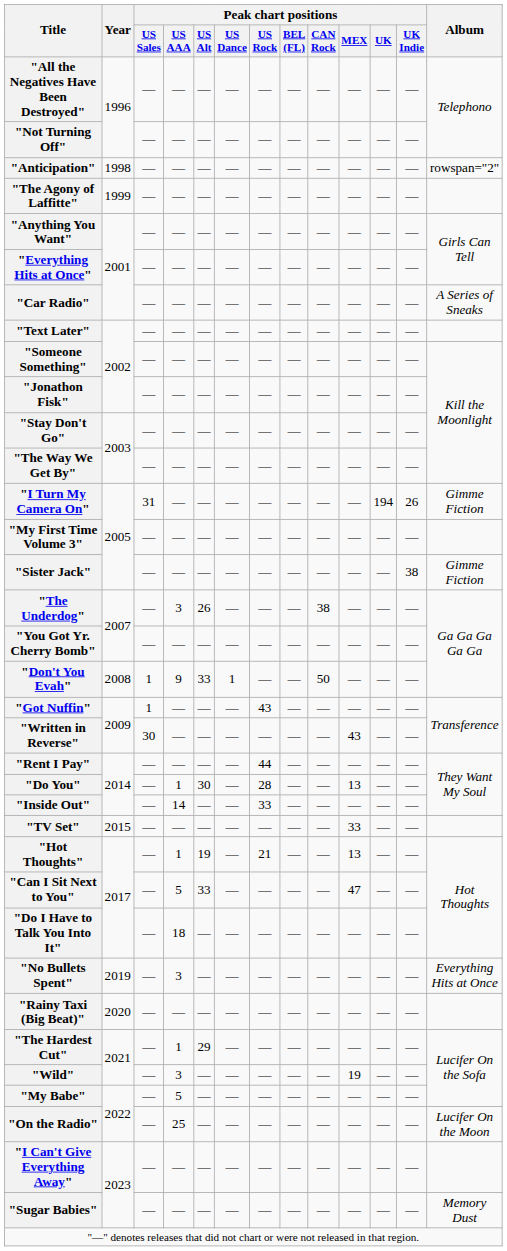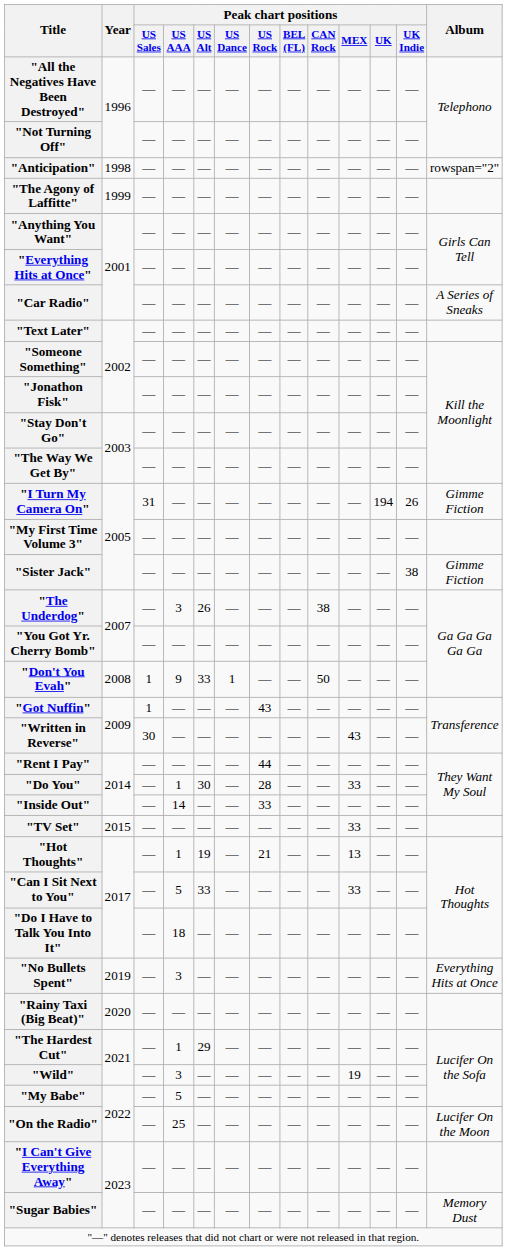 <table class="wikitable plainrowheaders" style="text-align:center;">
 <tr>
 <th scope="col" rowspan="2" style="width:18em;">Title</th>
 <th scope="col" rowspan="2" style="width:1em;">Year</th>
 <th scope="col" colspan="10">Peak chart positions</th>
 <th scope="col" rowspan="2">Album</th>
 </tr>
 <tr>
 <th scope="col" style="width:3em;font-size:85%;"><a href='#'>US<br>Sales</a><br></th>
 <th scope="col" style="width:3em;font-size:85%;"><a href='#'>US<br>AAA</a><br></th>
 <th scope="col" style="width:3em;font-size:85%;"><a href='#'>US<br>Alt</a><br></th>
 <th scope="col" style="width:3em;font-size:85%;"><a href='#'>US<br>Dance</a><br></th>
 <th scope="col" style="width:3em;font-size:85%;"><a href='#'>US<br>Rock</a><br></th>
 <th scope="col" style="width:3em;font-size:85%;"><a href='#'>BEL<br>(FL)</a><br></th>
 <th scope="col" style="width:3em;font-size:85%;"><a href='#'>CAN<br>Rock</a><br></th>
 <th scope="col" style="width:3em;font-size:85%;"><a href='#'>MEX</a><br></th>
 <th scope="col" style="width:3em;font-size:85%;"><a href='#'>UK</a><br></th>
 <th scope="col" style="width:3em;font-size:85%;"><a href='#'>UK<br>Indie</a><br></th>
 </tr>
 <tr>
 <th scope="row">"All the Negatives Have Been Destroyed"</th>
 <td rowspan="2">1996</td>
 <td>—</td>
 <td>—</td>
 <td>—</td>
 <td>—</td>
 <td>—</td>
 <td>—</td>
 <td>—</td>
 <td>—</td>
 <td>—</td>
 <td>—</td>
 <td rowspan="2"><em>Telephono</em></td>
 </tr>
 <tr>
 <th scope="row">"Not Turning Off"</th>
 <td>—</td>
 <td>—</td>
 <td>—</td>
 <td>—</td>
 <td>—</td>
 <td>—</td>
 <td>—</td>
 <td>—</td>
 <td>—</td>
 <td>—</td>
 </tr>
 <tr>
 <th scope="row">"Anticipation"</th>
 <td>1998</td>
 <td>—</td>
 <td>—</td>
 <td>—</td>
 <td>—</td>
 <td>—</td>
 <td>—</td>
 <td>—</td>
 <td>—</td>
 <td>—</td>
 <td>—</td>
 <td>rowspan="2" </td>
 </tr>
 <tr>
 <th scope="row">"The Agony of Laffitte"</th>
 <td>1999</td>
 <td>—</td>
 <td>—</td>
 <td>—</td>
 <td>—</td>
 <td>—</td>
 <td>—</td>
 <td>—</td>
 <td>—</td>
 <td>—</td>
 <td>—</td>
 </tr>
 <tr>
 <th scope="row">"Anything You Want"</th>
 <td rowspan="3">2001</td>
 <td>—</td>
 <td>—</td>
 <td>—</td>
 <td>—</td>
 <td>—</td>
 <td>—</td>
 <td>—</td>
 <td>—</td>
 <td>—</td>
 <td>—</td>
 <td rowspan="2"><em>Girls Can Tell</em></td>
 </tr>
 <tr>
 <th scope="row">"<a href='#'>Everything Hits at Once</a>"</th>
 <td>—</td>
 <td>—</td>
 <td>—</td>
 <td>—</td>
 <td>—</td>
 <td>—</td>
 <td>—</td>
 <td>—</td>
 <td>—</td>
 <td>—</td>
 </tr>
 <tr>
 <th scope="row">"Car Radio"</th>
 <td>—</td>
 <td>—</td>
 <td>—</td>
 <td>—</td>
 <td>—</td>
 <td>—</td>
 <td>—</td>
 <td>—</td>
 <td>—</td>
 <td>—</td>
 <td><em>A Series of Sneaks</em></td>
 </tr>
 <tr>
 <th scope="row">"Text Later"</th>
 <td rowspan="3">2002</td>
 <td>—</td>
 <td>—</td>
 <td>—</td>
 <td>—</td>
 <td>—</td>
 <td>—</td>
 <td>—</td>
 <td>—</td>
 <td>—</td>
 <td>—</td>
 <td></td>
 </tr>
 <tr>
 <th scope="row">"Someone Something"</th>
 <td>—</td>
 <td>—</td>
 <td>—</td>
 <td>—</td>
 <td>—</td>
 <td>—</td>
 <td>—</td>
 <td>—</td>
 <td>—</td>
 <td>—</td>
 <td rowspan="4"><em>Kill the Moonlight</em></td>
 </tr>
 <tr>
 <th scope="row">"Jonathon Fisk"</th>
 <td>—</td>
 <td>—</td>
 <td>—</td>
 <td>—</td>
 <td>—</td>
 <td>—</td>
 <td>—</td>
 <td>—</td>
 <td>—</td>
 <td>—</td>
 </tr>
 <tr>
 <th scope="row">"Stay Don't Go"</th>
 <td rowspan="2">2003</td>
 <td>—</td>
 <td>—</td>
 <td>—</td>
 <td>—</td>
 <td>—</td>
 <td>—</td>
 <td>—</td>
 <td>—</td>
 <td>—</td>
 <td>—</td>
 </tr>
 <tr>
 <th scope="row">"The Way We Get By"</th>
 <td>—</td>
 <td>—</td>
 <td>—</td>
 <td>—</td>
 <td>—</td>
 <td>—</td>
 <td>—</td>
 <td>—</td>
 <td>—</td>
 <td>—</td>
 </tr>
 <tr>
 <th scope="row">"<a href='#'>I Turn My Camera On</a>"</th>
 <td rowspan="3">2005</td>
 <td>31</td>
 <td>—</td>
 <td>—</td>
 <td>—</td>
 <td>—</td>
 <td>—</td>
 <td>—</td>
 <td>—</td>
 <td>194</td>
 <td>26</td>
 <td><em>Gimme Fiction</em></td>
 </tr>
 <tr>
 <th scope="row">"My First Time Volume 3"</th>
 <td>—</td>
 <td>—</td>
 <td>—</td>
 <td>—</td>
 <td>—</td>
 <td>—</td>
 <td>—</td>
 <td>—</td>
 <td>—</td>
 <td>—</td>
 <td></td>
 </tr>
 <tr>
 <th scope="row">"Sister Jack"</th>
 <td>—</td>
 <td>—</td>
 <td>—</td>
 <td>—</td>
 <td>—</td>
 <td>—</td>
 <td>—</td>
 <td>—</td>
 <td>—</td>
 <td>38</td>
 <td><em>Gimme Fiction</em></td>
 </tr>
 <tr>
 <th scope="row">"<a href='#'>The Underdog</a>"</th>
 <td rowspan="2">2007</td>
 <td>—</td>
 <td>3</td>
 <td>26</td>
 <td>—</td>
 <td>—</td>
 <td>—</td>
 <td>38</td>
 <td>—</td>
 <td>—</td>
 <td>—</td>
 <td rowspan="3"><em>Ga Ga Ga Ga Ga</em></td>
 </tr>
 <tr>
 <th scope="row">"You Got Yr. Cherry Bomb"</th>
 <td>—</td>
 <td>—</td>
 <td>—</td>
 <td>—</td>
 <td>—</td>
 <td>—</td>
 <td>—</td>
 <td>—</td>
 <td>—</td>
 <td>—</td>
 </tr>
 <tr>
 <th scope="row">"<a href='#'>Don't You Evah</a>"</th>
 <td>2008</td>
 <td>1</td>
 <td>9</td>
 <td>33</td>
 <td>1</td>
 <td>—</td>
 <td>—</td>
 <td>50</td>
 <td>—</td>
 <td>—</td>
 <td>—</td>
 </tr>
 <tr>
 <th scope="row">"<a href='#'>Got Nuffin</a>"</th>
 <td rowspan="2">2009</td>
 <td>1</td>
 <td>—</td>
 <td>—</td>
 <td>—</td>
 <td>43</td>
 <td>—</td>
 <td>—</td>
 <td>—</td>
 <td>—</td>
 <td>—</td>
 <td rowspan="2"><em>Transference</em></td>
 </tr>
 <tr>
 <th scope="row">"Written in Reverse"</th>
 <td>30</td>
 <td>—</td>
 <td>—</td>
 <td>—</td>
 <td>—</td>
 <td>—</td>
 <td>—</td>
 <td>43</td>
 <td>—</td>
 <td>—</td>
 </tr>
 <tr>
 <th scope="row">"Rent I Pay"</th>
 <td rowspan="3">2014</td>
 <td>—</td>
 <td>—</td>
 <td>—</td>
 <td>—</td>
 <td>44</td>
 <td>—</td>
 <td>—</td>
 <td>—</td>
 <td>—</td>
 <td>—</td>
 <td rowspan="3"><em>They Want My Soul</em></td>
 </tr>
 <tr>
 <th scope="row">"Do You"</th>
 <td>—</td>
 <td>1</td>
 <td>30</td>
 <td>—</td>
 <td>28</td>
 <td>—</td>
 <td>—</td>
-<td>13</td>
+<td>33</td>
 <td>—</td>
 <td>—</td>
 </tr>
 <tr>
 <th scope="row">"Inside Out"</th>
 <td>—</td>
 <td>14</td>
 <td>—</td>
 <td>—</td>
 <td>33</td>
 <td>—</td>
 <td>—</td>
 <td>—</td>
 <td>—</td>
 <td>—</td>
 </tr>
 <tr>
 <th scope="row">"TV Set"</th>
 <td>2015</td>
 <td>—</td>
 <td>—</td>
 <td>—</td>
 <td>—</td>
 <td>—</td>
 <td>—</td>
 <td>—</td>
 <td>33</td>
 <td>—</td>
 <td>—</td>
 <td></td>
 </tr>
 <tr>
 <th scope="row">"Hot Thoughts"</th>
 <td rowspan="3">2017</td>
 <td>—</td>
 <td>1</td>
 <td>19</td>
 <td>—</td>
 <td>21</td>
 <td>—</td>
 <td>—</td>
 <td>13</td>
 <td>—</td>
 <td>—</td>
 <td rowspan="3"><em>Hot Thoughts</em></td>
 </tr>
 <tr>
 <th scope="row">"Can I Sit Next to You"</th>
 <td>—</td>
 <td>5</td>
 <td>33</td>
 <td>—</td>
 <td>—</td>
 <td>—</td>
 <td>—</td>
-<td>47</td>
+<td>33</td>
 <td>—</td>
 <td>—</td>
 </tr>
 <tr>
 <th scope="row">"Do I Have to Talk You Into It"</th>
 <td>—</td>
 <td>18</td>
 <td>—</td>
 <td>—</td>
 <td>—</td>
 <td>—</td>
 <td>—</td>
 <td>—</td>
 <td>—</td>
 <td>—</td>
 </tr>
 <tr>
 <th scope="row">"No Bullets Spent"</th>
 <td>2019</td>
 <td>—</td>
 <td>3</td>
 <td>—</td>
 <td>—</td>
 <td>—</td>
 <td>—</td>
 <td>—</td>
 <td>—</td>
 <td>—</td>
 <td>—</td>
 <td><em>Everything Hits at Once</em></td>
 </tr>
 <tr>
 <th scope="row">"Rainy Taxi (Big Beat)"</th>
 <td>2020</td>
 <td>—</td>
 <td>—</td>
 <td>—</td>
 <td>—</td>
 <td>—</td>
 <td>—</td>
 <td>—</td>
 <td>—</td>
 <td>—</td>
 <td>—</td>
 <td></td>
 </tr>
 <tr>
 <th scope="row">"The Hardest Cut"</th>
 <td rowspan="2">2021</td>
 <td>—</td>
 <td>1</td>
 <td>29</td>
 <td>—</td>
 <td>—</td>
 <td>—</td>
 <td>—</td>
 <td>—</td>
 <td>—</td>
 <td>—</td>
 <td rowspan="3"><em>Lucifer On the Sofa</em></td>
 </tr>
 <tr>
 <th scope="row">"Wild"</th>
 <td>—</td>
 <td>3</td>
 <td>—</td>
 <td>—</td>
 <td>—</td>
 <td>—</td>
 <td>—</td>
 <td>19</td>
 <td>—</td>
 <td>—</td>
 </tr>
 <tr>
 <th scope="row">"My Babe"</th>
 <td rowspan="2">2022</td>
 <td>—</td>
 <td>5</td>
 <td>—</td>
 <td>—</td>
 <td>—</td>
 <td>—</td>
 <td>—</td>
 <td>—</td>
 <td>—</td>
 <td>—</td>
 </tr>
 <tr>
 <th scope="row">"On the Radio"</th>
 <td>—</td>
 <td>25</td>
 <td>—</td>
 <td>—</td>
 <td>—</td>
 <td>—</td>
 <td>—</td>
 <td>—</td>
 <td>—</td>
 <td>—</td>
 <td><em>Lucifer On the Moon</em></td>
 </tr>
 <tr>
 <th scope="row">"<a href='#'>I Can't Give Everything Away</a>"</th>
 <td rowspan="2">2023</td>
 <td>—</td>
 <td>—</td>
 <td>—</td>
 <td>—</td>
 <td>—</td>
 <td>—</td>
 <td>—</td>
 <td>—</td>
 <td>—</td>
 <td>—</td>
 <td></td>
 </tr>
 <tr>
 <th scope="row">"Sugar Babies"</th>
 <td>—</td>
 <td>—</td>
 <td>—</td>
 <td>—</td>
 <td>—</td>
 <td>—</td>
 <td>—</td>
 <td>—</td>
 <td>—</td>
 <td>—</td>
 <td><em>Memory Dust</em></td>
 </tr>
 <tr>
 <td align="center" colspan="19" style="font-size: 85%">"—" denotes releases that did not chart or were not released in that region.</td>
 </tr>
 </table>
